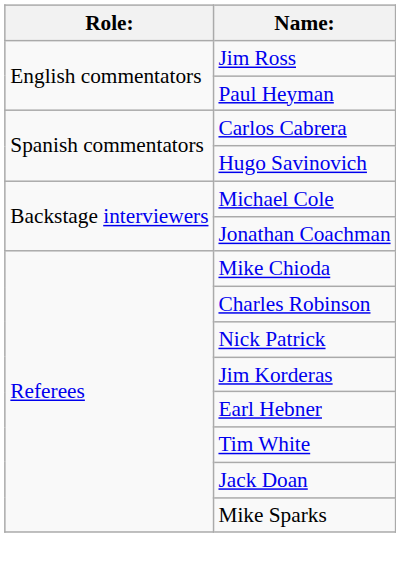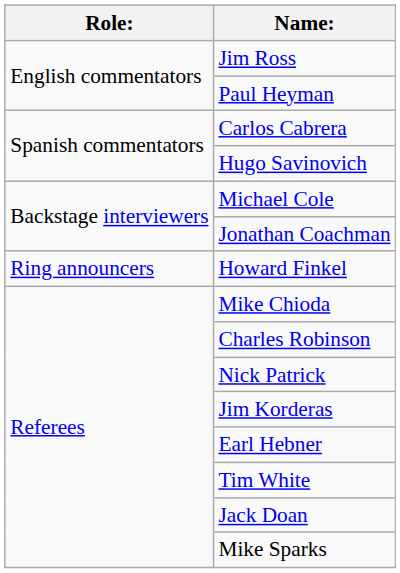 <table class=wikitable style="font-size:90%; margin: 0.5em 0 0.5em 1em; float: right; clear: right;">
 <tr>
 <th>Role:</th>
 <th>Name:</th>
 </tr>
 <tr>
 <td rowspan=2>English commentators</td>
 <td><a href='#'>Jim Ross</a></td>
 </tr>
 <tr>
 <td><a href='#'>Paul Heyman</a></td>
 </tr>
 <tr>
 <td rowspan=2>Spanish commentators</td>
 <td><a href='#'>Carlos Cabrera</a></td>
 </tr>
 <tr>
 <td><a href='#'>Hugo Savinovich</a></td>
 </tr>
 <tr>
 <td rowspan=2>Backstage <a href='#'>interviewers</a></td>
 <td><a href='#'>Michael Cole</a></td>
 </tr>
 <tr>
 <td><a href='#'>Jonathan Coachman</a></td>
 </tr>
 <tr>
+<td><a href='#'>Ring announcers</a></td>
+<td><a href='#'>Howard Finkel</a></td>
+</tr>
+<tr>
 <td rowspan=9><a href='#'>Referees</a></td>
 <td><a href='#'>Mike Chioda</a></td>
 </tr>
 <tr>
 <td><a href='#'>Charles Robinson</a></td>
 </tr>
 <tr>
 <td><a href='#'>Nick Patrick</a></td>
 </tr>
 <tr>
 <td><a href='#'>Jim Korderas</a></td>
 </tr>
 <tr>
 <td><a href='#'>Earl Hebner</a></td>
 </tr>
 <tr>
 <td><a href='#'>Tim White</a></td>
 </tr>
 <tr>
 <td><a href='#'>Jack Doan</a></td>
 </tr>
 <tr>
 <td>Mike Sparks</td>
 </tr>
 </table>
